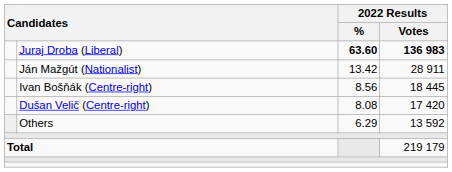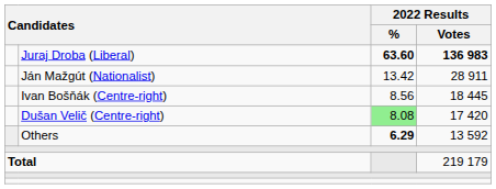 <table class="wikitable" style="text-align:right; font-size:97%;">
 <tr>
 <th style="text-align:left;" rowspan="2" colspan="2" width="450">Candidates</th>
 <th colspan="2">2022 Results</th>
 </tr>
 <tr>
 <th width="50">%</th>
 <th width="85">Votes</th>
 </tr>
 <tr>
 <td style="color:inherit;background:"></td>
 <td align="left"><a href='#'>Juraj Droba</a> (<a href='#'>Liberal</a>)</td>
 <td><strong>63.60</strong></td>
 <td><strong>136 983</strong></td>
 </tr>
 <tr>
 <td style="color:inherit;background:"></td>
 <td align="left">Ján Mažgút (<a href='#'>Nationalist</a>)</td>
 <td>13.42</td>
 <td>28 911</td>
 </tr>
 <tr>
 <td style="color:inherit;background:"></td>
 <td align="left">Ivan Bošňák (<a href='#'>Centre-right</a>)</td>
 <td>8.56</td>
 <td>18 445</td>
 </tr>
 <tr>
 <td style="color:inherit;background:"></td>
 <td align="left"><a href='#'>Dušan Velič</a> (<a href='#'>Centre-right</a>)</td>
-<td>8.08</td>
+<td style="background: lightgreen;">8.08</td>
 <td>17 420</td>
 </tr>
 <tr>
 <td style="color:inherit;background:#eeeeee"></td>
 <td align="left">Others</td>
-<td>6.29</td>
+<td><strong>6.29</strong></td>
 <td>13 592</td>
 </tr>
 <tr>
 <td colspan="4" bgcolor="#E9E9E9"></td>
 </tr>
 <tr>
 <td align="left" colspan="2"><strong>Total</strong></td>
 <td bgcolor="#E9E9E9"></td>
 <td>219 179</td>
 </tr>
 <tr>
 <td colspan="4" bgcolor="#E9E9E9"></td>
 </tr>
 <tr>
 <td colspan="4"></td>
 </tr>
 </table>
